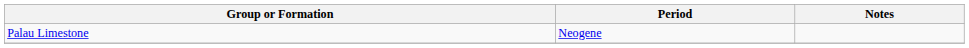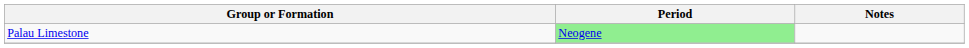 <table class="wikitable sortable" style="width: 100%;">
 <tr>
 <th>Group or Formation</th>
 <th>Period</th>
 <th class="unsortable">Notes</th>
 </tr>
 <tr>
 <td><a href='#'>Palau Limestone</a></td>
-<td><a href='#'>Neogene</a></td>
+<td style="background: lightgreen;"><a href='#'>Neogene</a></td>
 <td></td>
 </tr>
 <tr>
 </tr>
 </table>
